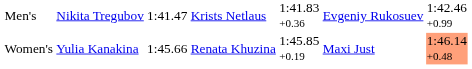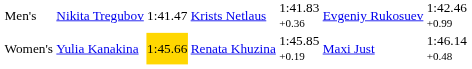 <table>
 <tr>
 <td>Men's</td>
 <td><a href='#'>Nikita Tregubov</a><br></td>
 <td>1:41.47</td>
 <td><a href='#'>Krists Netlaus</a><br></td>
 <td>1:41.83<br><small>+0.36</small></td>
 <td><a href='#'>Evgeniy Rukosuev</a><br></td>
 <td>1:42.46<br><small>+0.99</small></td>
 </tr>
 <tr>
 <td>Women's</td>
 <td><a href='#'>Yulia Kanakina</a><br></td>
-<td>1:45.66</td>
+<td style="background: gold;">1:45.66</td>
 <td><a href='#'>Renata Khuzina</a><br></td>
 <td>1:45.85<br><small>+0.19</small></td>
 <td><a href='#'>Maxi Just</a><br></td>
-<td style="background: lightsalmon;">1:46.14<br><small>+0.48</small></td>
+<td>1:46.14<br><small>+0.48</small></td>
 </tr>
 <tr>
 </tr>
 </table>
